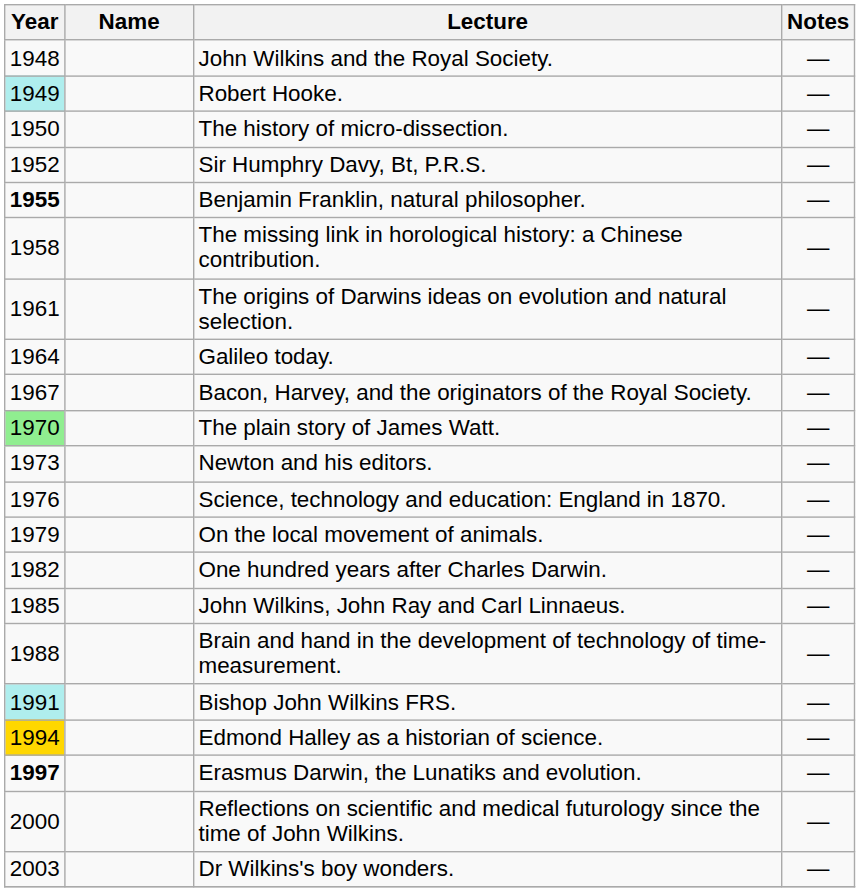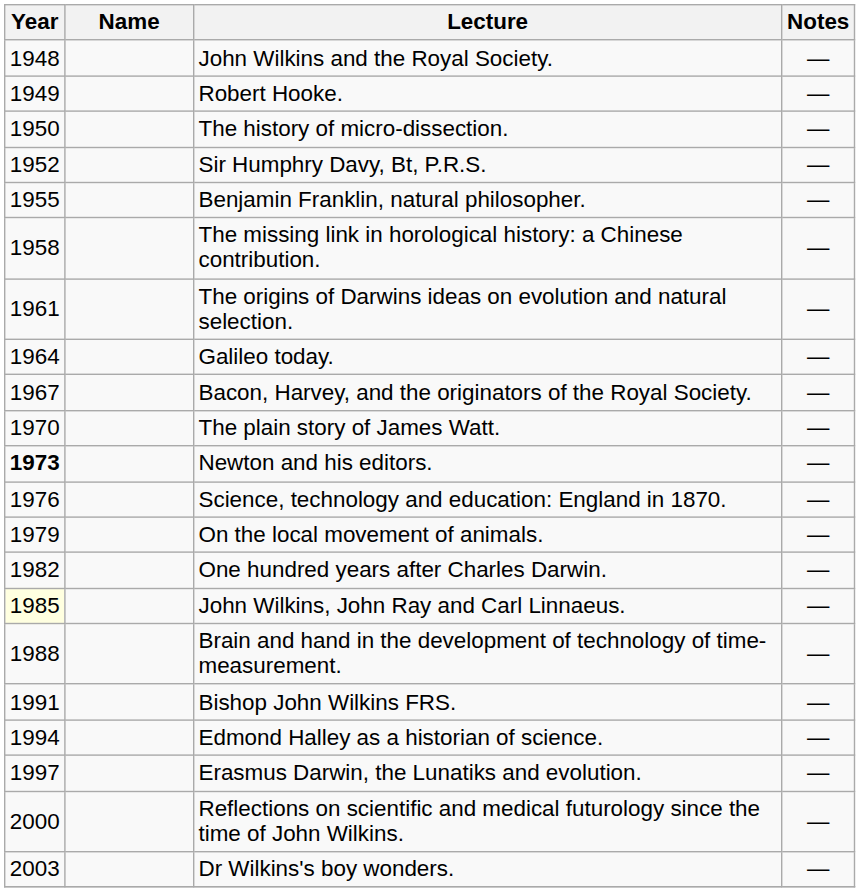 <table class="wikitable sortable" border="1" style="align:left;">
 <tr>
 <th width="4">Year</th>
 <th width="700" class="unsortable">Name</th>
 <th width="5100" class="unsortable">Lecture</th>
 <th width="1" class="unsortable">Notes</th>
 </tr>
 <tr>
 <td>1948</td>
 <td></td>
 <td>John Wilkins and the Royal Society.</td>
 <td align=center>—</td>
 </tr>
 <tr>
-<td style="background: paleturquoise;">1949</td>
+<td>1949</td>
 <td></td>
 <td>Robert Hooke.</td>
 <td align=center>—</td>
 </tr>
 <tr>
 <td>1950</td>
 <td></td>
 <td>The history of micro-dissection.</td>
 <td align=center>—</td>
 </tr>
 <tr>
 <td>1952</td>
 <td></td>
 <td>Sir Humphry Davy, Bt, P.R.S.</td>
 <td align=center>—</td>
 </tr>
 <tr>
-<td><strong>1955</strong></td>
+<td>1955</td>
 <td></td>
 <td>Benjamin Franklin, natural philosopher.</td>
 <td align=center>—</td>
 </tr>
 <tr>
 <td>1958</td>
 <td></td>
 <td>The missing link in horological history: a Chinese contribution.</td>
 <td align=center>—</td>
 </tr>
 <tr>
 <td>1961</td>
 <td></td>
 <td>The origins of Darwins ideas on evolution and natural selection.</td>
 <td align=center>—</td>
 </tr>
 <tr>
 <td>1964</td>
 <td></td>
 <td>Galileo today.</td>
 <td align=center>—</td>
 </tr>
 <tr>
 <td>1967</td>
 <td></td>
 <td>Bacon, Harvey, and the originators of the Royal Society.</td>
 <td align=center>—</td>
 </tr>
 <tr>
-<td style="background: lightgreen;">1970</td>
+<td>1970</td>
 <td></td>
 <td>The plain story of James Watt.</td>
 <td align=center>—</td>
 </tr>
 <tr>
-<td>1973</td>
+<td><strong>1973</strong></td>
 <td></td>
 <td>Newton and his editors.</td>
 <td align=center>—</td>
 </tr>
 <tr>
 <td>1976</td>
 <td></td>
 <td>Science, technology and education: England in 1870.</td>
 <td align=center>—</td>
 </tr>
 <tr>
 <td>1979</td>
 <td></td>
 <td>On the local movement of animals.</td>
 <td align=center>—</td>
 </tr>
 <tr>
 <td>1982</td>
 <td></td>
 <td>One hundred years after Charles Darwin.</td>
 <td align=center>—</td>
 </tr>
 <tr>
-<td>1985</td>
+<td style="background: lightyellow;">1985</td>
 <td></td>
 <td>John Wilkins, John Ray and Carl Linnaeus.</td>
 <td align=center>—</td>
 </tr>
 <tr>
 <td>1988</td>
 <td></td>
 <td>Brain and hand in the development of technology of time-measurement.</td>
 <td align=center>—</td>
 </tr>
 <tr>
-<td style="background: paleturquoise;">1991</td>
+<td>1991</td>
 <td></td>
 <td>Bishop John Wilkins FRS.</td>
 <td align=center>—</td>
 </tr>
 <tr>
-<td style="background: gold;">1994</td>
+<td>1994</td>
 <td></td>
 <td>Edmond Halley as a historian of science.</td>
 <td align=center>—</td>
 </tr>
 <tr>
-<td><strong>1997</strong></td>
+<td>1997</td>
 <td></td>
 <td>Erasmus Darwin, the Lunatiks and evolution.</td>
 <td align=center>—</td>
 </tr>
 <tr>
 <td>2000</td>
 <td></td>
 <td>Reflections on scientific and medical futurology since the time of John Wilkins.</td>
 <td align=center>—</td>
 </tr>
 <tr>
 <td>2003</td>
 <td></td>
 <td>Dr Wilkins's boy wonders.</td>
 <td align=center>—</td>
 </tr>
 <tr>
 </tr>
 </table>
